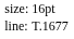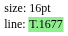 <table style="margin-left:40px;">
 <tr>
 <td>size:</td>
 <td>16pt</td>
 </tr>
 <tr>
 <td>line:</td>
-<td>T.1677</td>
+<td style="background: lightgreen;">T.1677</td>
 </tr>
 </table>
